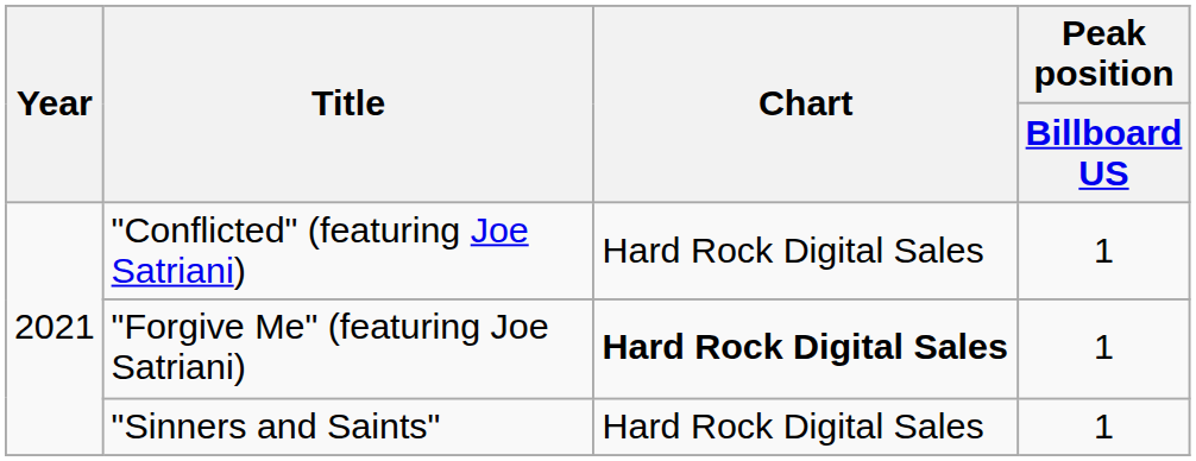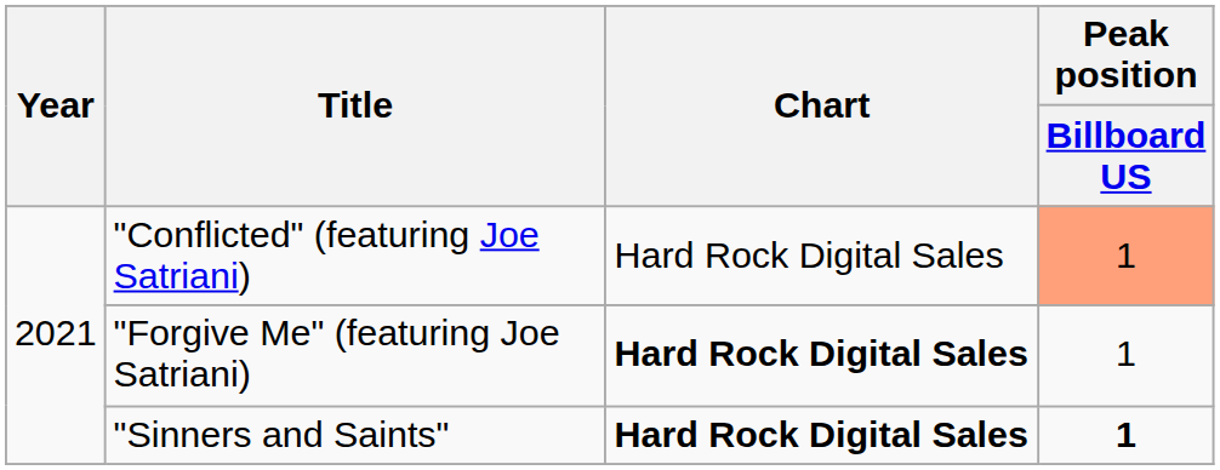 <table class="wikitable">
 <tr>
 <th rowspan="2">Year</th>
 <th width="210" rowspan="2">Title</th>
 <th width="180" rowspan="2">Chart</th>
 <th>Peak position</th>
 </tr>
 <tr>
 <th width="36"><a href='#'>Billboard US</a></th>
 </tr>
 <tr>
 <td rowspan="3">2021</td>
 <td>"Conflicted" (featuring <a href='#'>Joe Satriani</a>)</td>
 <td>Hard Rock Digital Sales</td>
-<td align="center">1</td>
+<td align="center" style="background: lightsalmon;">1</td>
 </tr>
 <tr>
 <td>"Forgive Me" (featuring Joe Satriani)</td>
 <td><strong>Hard Rock Digital Sales</strong></td>
 <td align="center">1</td>
 </tr>
 <tr>
 <td>"Sinners and Saints"</td>
-<td>Hard Rock Digital Sales</td>
-<td align="center">1</td>
+<td><strong>Hard Rock Digital Sales</strong></td>
+<td align="center"><strong>1</strong></td>
 </tr>
 </table>
